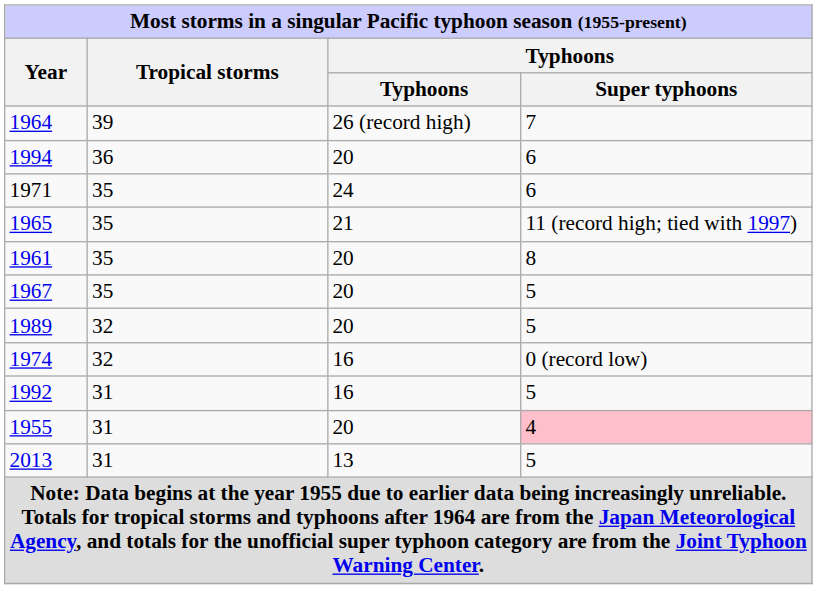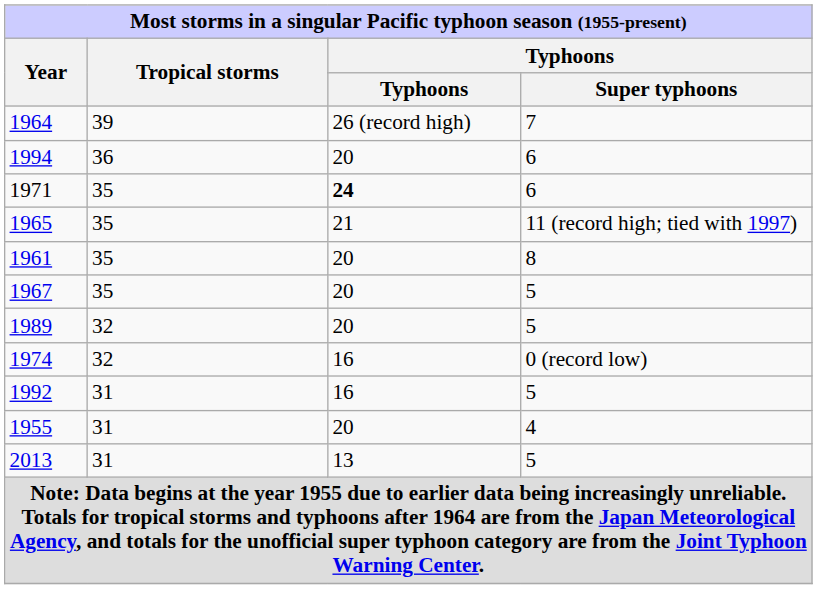 <table class="wikitable" align="right" style="margin:">
 <tr>
 <th colspan="4" style="background:#ccf;">Most storms in a singular Pacific typhoon season <small>(1955-present)</small></th>
 </tr>
 <tr>
 <th rowspan=2>Year</th>
 <th rowspan=2>Tropical storms</th>
 <th colspan=2>Typhoons</th>
 </tr>
 <tr>
 <th>Typhoons</th>
 <th>Super typhoons</th>
 </tr>
 <tr>
 <td><a href='#'>1964</a></td>
 <td>39</td>
 <td>26 (record high)</td>
 <td>7</td>
 </tr>
 <tr>
 <td><a href='#'>1994</a></td>
 <td>36</td>
 <td>20</td>
 <td>6</td>
 </tr>
 <tr>
 <td>1971</td>
 <td>35</td>
-<td>24</td>
+<td><strong>24</strong></td>
 <td>6</td>
 </tr>
 <tr>
 <td><a href='#'>1965</a></td>
 <td>35</td>
 <td>21</td>
 <td>11 (record high; tied with <a href='#'>1997</a>)</td>
 </tr>
 <tr>
 <td><a href='#'>1961</a></td>
 <td>35</td>
 <td>20</td>
 <td>8</td>
 </tr>
 <tr>
 <td><a href='#'>1967</a></td>
 <td>35</td>
 <td>20</td>
 <td>5</td>
 </tr>
 <tr>
 <td><a href='#'>1989</a></td>
 <td>32</td>
 <td>20</td>
 <td>5</td>
 </tr>
 <tr>
 <td><a href='#'>1974</a></td>
 <td>32</td>
 <td>16</td>
 <td>0 (record low)</td>
 </tr>
 <tr>
 <td><a href='#'>1992</a></td>
 <td>31</td>
 <td>16</td>
 <td>5</td>
 </tr>
 <tr>
 <td><a href='#'>1955</a></td>
 <td>31</td>
 <td>20</td>
-<td style="background: pink;">4</td>
+<td>4</td>
 </tr>
 <tr>
 <td><a href='#'>2013</a></td>
 <td>31</td>
 <td>13</td>
 <td>5</td>
 </tr>
 <tr>
 <th colspan="4" style="background:#dddddd;">Note: Data begins at the year 1955 due to earlier data being increasingly unreliable. Totals for tropical storms and typhoons after 1964 are from the <a href='#'>Japan Meteorological Agency</a>, and totals for the unofficial super typhoon category are from the <a href='#'>Joint Typhoon Warning Center</a>.</th>
 </tr>
 <tr>
 </tr>
 </table>
